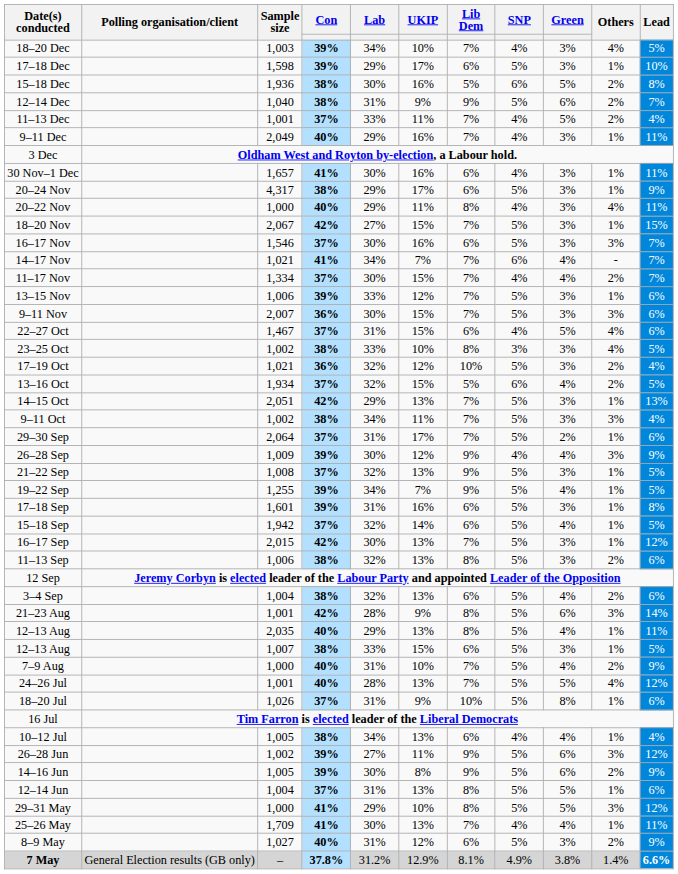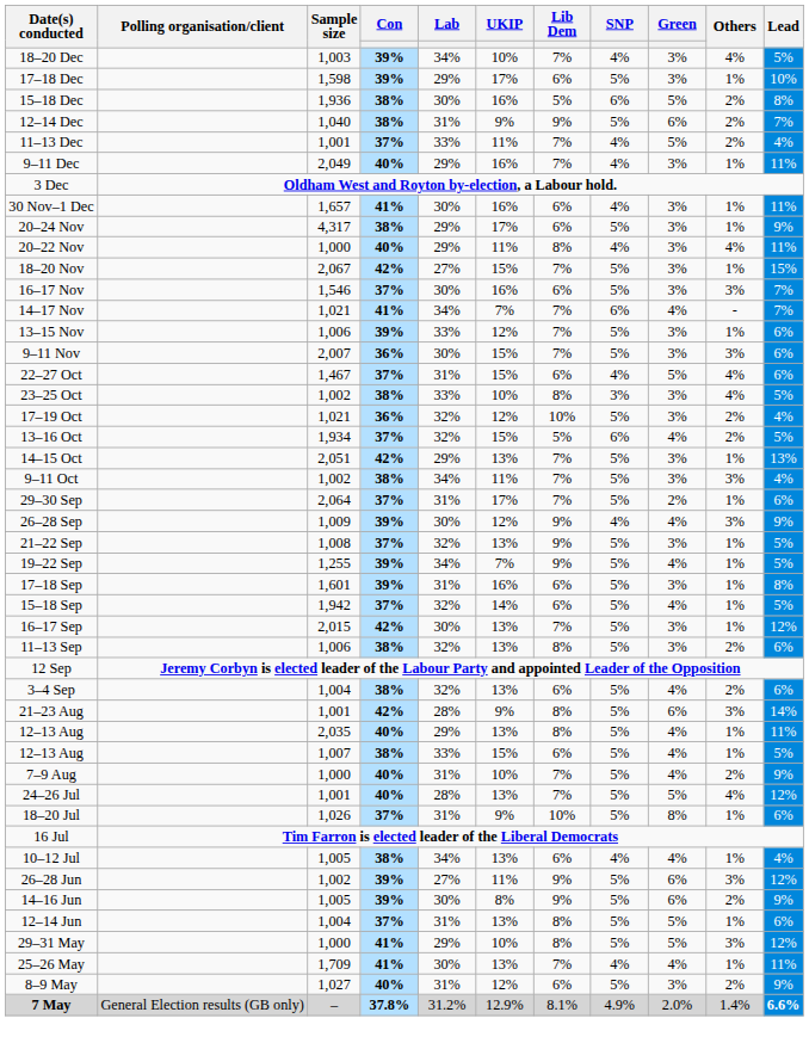 <table class="wikitable sortable mw-datatable" style="text-align:center;font-size:90%;line-height:14px;">
 <tr>
 <th rowspan="2">Date(s)<br>conducted</th>
 <th rowspan="2">Polling organisation/client</th>
 <th rowspan="2">Sample<br>size</th>
 <th style="width:50px;" class="unsortable"><a href='#'>Con</a></th>
 <th style="width:50px;" class="unsortable"><a href='#'>Lab</a></th>
 <th style="width:50px;" class="unsortable"><a href='#'>UKIP</a></th>
 <th style="width:50px;" class="unsortable"><a href='#'>Lib Dem</a></th>
 <th style="width:50px;" class="unsortable"><a href='#'>SNP</a></th>
 <th style="width:50px;" class="unsortable"><a href='#'>Green</a></th>
 <th style="width:50px;" rowspan="2" class="unsortable">Others</th>
 <th style="width:20px;" rowspan="2">Lead</th>
 </tr>
 <tr>
 <th class="sortable" style="background:"></th>
 <th class="sortable" style="background:"></th>
 <th class="sortable" style="background:"></th>
 <th class="sortable" style="background:"></th>
 <th class="sortable" style="background:"></th>
 <th class="sortable" style="background:"></th>
 </tr>
 <tr>
 <td>18–20 Dec</td>
 <td></td>
 <td>1,003</td>
 <td style="background:#B3E0FF"><strong>39%</strong></td>
 <td>34%</td>
 <td>10%</td>
 <td>7%</td>
 <td>4%</td>
 <td>3%</td>
 <td>4%</td>
 <td style="background:#0087DC; color:white;">5%</td>
 </tr>
 <tr>
 <td>17–18 Dec</td>
 <td></td>
 <td>1,598</td>
 <td style="background:#B3E0FF"><strong>39%</strong></td>
 <td>29%</td>
 <td>17%</td>
 <td>6%</td>
 <td>5%</td>
 <td>3%</td>
 <td>1%</td>
 <td style="background:#0087DC; color:white;">10%</td>
 </tr>
 <tr>
 <td>15–18 Dec</td>
 <td></td>
 <td>1,936</td>
 <td style="background:#B3E0FF"><strong>38%</strong></td>
 <td>30%</td>
 <td>16%</td>
 <td>5%</td>
 <td>6%</td>
 <td>5%</td>
 <td>2%</td>
 <td style="background:#0087DC; color:white;">8%</td>
 </tr>
 <tr>
 <td>12–14 Dec</td>
 <td></td>
 <td>1,040</td>
 <td style="background:#B3E0FF"><strong>38%</strong></td>
 <td>31%</td>
 <td>9%</td>
 <td>9%</td>
 <td>5%</td>
 <td>6%</td>
 <td>2%</td>
 <td style="background:#0087DC; color:white;">7%</td>
 </tr>
 <tr>
 <td>11–13 Dec</td>
 <td></td>
 <td>1,001</td>
 <td style="background:#B3E0FF"><strong>37%</strong></td>
 <td>33%</td>
 <td>11%</td>
 <td>7%</td>
 <td>4%</td>
 <td>5%</td>
 <td>2%</td>
 <td style="background:#0087DC; color:white;">4%</td>
 </tr>
 <tr>
 <td>9–11 Dec</td>
 <td></td>
 <td>2,049</td>
 <td style="background:#B3E0FF"><strong>40%</strong></td>
 <td>29%</td>
 <td>16%</td>
 <td>7%</td>
 <td>4%</td>
 <td>3%</td>
 <td>1%</td>
 <td style="background:#0087DC; color:white;">11%</td>
 </tr>
 <tr>
 <td>3 Dec</td>
 <td colspan="10"><strong><a href='#'>Oldham West and Royton by-election</a>, a Labour hold.</strong></td>
 </tr>
 <tr>
 <td>30 Nov–1 Dec</td>
 <td></td>
 <td>1,657</td>
 <td style="background:#B3E0FF"><strong>41%</strong></td>
 <td>30%</td>
 <td>16%</td>
 <td>6%</td>
 <td>4%</td>
 <td>3%</td>
 <td>1%</td>
 <td style="background:#0087DC; color:white;">11%</td>
 </tr>
 <tr>
 <td>20–24 Nov</td>
 <td></td>
 <td>4,317</td>
 <td style="background:#B3E0FF"><strong>38%</strong></td>
 <td>29%</td>
 <td>17%</td>
 <td>6%</td>
 <td>5%</td>
 <td>3%</td>
 <td>1%</td>
 <td style="background:#0087DC; color:white;">9%</td>
 </tr>
 <tr>
 <td>20–22 Nov</td>
 <td></td>
 <td>1,000</td>
 <td style="background:#B3E0FF"><strong>40%</strong></td>
 <td>29%</td>
 <td>11%</td>
 <td>8%</td>
 <td>4%</td>
 <td>3%</td>
 <td>4%</td>
 <td style="background:#0087DC; color:white;">11%</td>
 </tr>
 <tr>
 <td>18–20 Nov</td>
 <td></td>
 <td>2,067</td>
 <td style="background:#B3E0FF"><strong>42%</strong></td>
 <td>27%</td>
 <td>15%</td>
 <td>7%</td>
 <td>5%</td>
 <td>3%</td>
 <td>1%</td>
 <td style="background:#0087DC; color:white;">15%</td>
 </tr>
 <tr>
 <td>16–17 Nov</td>
 <td></td>
 <td>1,546</td>
 <td style="background:#B3E0FF"><strong>37%</strong></td>
 <td>30%</td>
 <td>16%</td>
 <td>6%</td>
 <td>5%</td>
 <td>3%</td>
 <td>3%</td>
 <td style="background:#0087DC; color:white;">7%</td>
 </tr>
 <tr>
 <td>14–17 Nov</td>
 <td></td>
 <td>1,021</td>
 <td style="background:#B3E0FF"><strong>41%</strong></td>
 <td>34%</td>
 <td>7%</td>
 <td>7%</td>
 <td>6%</td>
 <td>4%</td>
 <td>-</td>
-<td style="background:#0087DC; color:white;">7%</td>
-</tr>
-<tr>
-<td>11–17 Nov</td>
-<td></td>
-<td>1,334</td>
-<td style="background:#B3E0FF"><strong>37%</strong></td>
-<td>30%</td>
-<td>15%</td>
-<td>7%</td>
-<td>4%</td>
-<td>4%</td>
-<td>2%</td>
 <td style="background:#0087DC; color:white;">7%</td>
 </tr>
 <tr>
 <td>13–15 Nov</td>
 <td></td>
 <td>1,006</td>
 <td style="background:#B3E0FF"><strong>39%</strong></td>
 <td>33%</td>
 <td>12%</td>
 <td>7%</td>
 <td>5%</td>
 <td>3%</td>
 <td>1%</td>
 <td style="background:#0087DC; color:white;">6%</td>
 </tr>
 <tr>
 <td>9–11 Nov</td>
 <td></td>
 <td>2,007</td>
 <td style="background:#B3E0FF"><strong>36%</strong></td>
 <td>30%</td>
 <td>15%</td>
 <td>7%</td>
 <td>5%</td>
 <td>3%</td>
 <td>3%</td>
 <td style="background:#0087DC; color:white;">6%</td>
 </tr>
 <tr>
 <td>22–27 Oct</td>
 <td></td>
 <td>1,467</td>
 <td style="background:#B3E0FF"><strong>37%</strong></td>
 <td>31%</td>
 <td>15%</td>
 <td>6%</td>
 <td>4%</td>
 <td>5%</td>
 <td>4%</td>
 <td style="background:#0087DC; color:white;">6%</td>
 </tr>
 <tr>
 <td>23–25 Oct</td>
 <td></td>
 <td>1,002</td>
 <td style="background:#B3E0FF"><strong>38%</strong></td>
 <td>33%</td>
 <td>10%</td>
 <td>8%</td>
 <td>3%</td>
 <td>3%</td>
 <td>4%</td>
 <td style="background:#0087DC; color:white;">5%</td>
 </tr>
 <tr>
 <td>17–19 Oct</td>
 <td></td>
 <td>1,021</td>
 <td style="background:#B3E0FF"><strong>36%</strong></td>
 <td>32%</td>
 <td>12%</td>
 <td>10%</td>
 <td>5%</td>
 <td>3%</td>
 <td>2%</td>
 <td style="background:#0087DC; color:white;">4%</td>
 </tr>
 <tr>
 <td>13–16 Oct</td>
 <td></td>
 <td>1,934</td>
 <td style="background:#B3E0FF"><strong>37%</strong></td>
 <td>32%</td>
 <td>15%</td>
 <td>5%</td>
 <td>6%</td>
 <td>4%</td>
 <td>2%</td>
 <td style="background:#0087DC; color:white;">5%</td>
 </tr>
 <tr>
 <td>14–15 Oct</td>
 <td></td>
 <td>2,051</td>
 <td style="background:#B3E0FF"><strong>42%</strong></td>
 <td>29%</td>
 <td>13%</td>
 <td>7%</td>
 <td>5%</td>
 <td>3%</td>
 <td>1%</td>
 <td style="background:#0087DC; color:white;">13%</td>
 </tr>
 <tr>
 <td>9–11 Oct</td>
 <td></td>
 <td>1,002</td>
 <td style="background:#B3E0FF"><strong>38%</strong></td>
 <td>34%</td>
 <td>11%</td>
 <td>7%</td>
 <td>5%</td>
 <td>3%</td>
 <td>3%</td>
 <td style="background:#0087DC; color:white;">4%</td>
 </tr>
 <tr>
 <td>29–30 Sep</td>
 <td></td>
 <td>2,064</td>
 <td style="background:#B3E0FF"><strong>37%</strong></td>
 <td>31%</td>
 <td>17%</td>
 <td>7%</td>
 <td>5%</td>
 <td>2%</td>
 <td>1%</td>
 <td style="background:#0087DC; color:white;">6%</td>
 </tr>
 <tr>
 <td>26–28 Sep</td>
 <td></td>
 <td>1,009</td>
 <td style="background:#B3E0FF"><strong>39%</strong></td>
 <td>30%</td>
 <td>12%</td>
 <td>9%</td>
 <td>4%</td>
 <td>4%</td>
 <td>3%</td>
 <td style="background:#0087DC; color:white;">9%</td>
 </tr>
 <tr>
 <td>21–22 Sep</td>
 <td></td>
 <td>1,008</td>
 <td style="background:#B3E0FF"><strong>37%</strong></td>
 <td>32%</td>
 <td>13%</td>
 <td>9%</td>
 <td>5%</td>
 <td>3%</td>
 <td>1%</td>
 <td style="background:#0087DC; color:white;">5%</td>
 </tr>
 <tr>
 <td>19–22 Sep</td>
 <td></td>
 <td>1,255</td>
 <td style="background:#B3E0FF"><strong>39%</strong></td>
 <td>34%</td>
 <td>7%</td>
 <td>9%</td>
 <td>5%</td>
 <td>4%</td>
 <td>1%</td>
 <td style="background:#0087DC; color:white;">5%</td>
 </tr>
 <tr>
 <td>17–18 Sep</td>
 <td></td>
 <td>1,601</td>
 <td style="background:#B3E0FF"><strong>39%</strong></td>
 <td>31%</td>
 <td>16%</td>
 <td>6%</td>
 <td>5%</td>
 <td>3%</td>
 <td>1%</td>
 <td style="background:#0087DC; color:white;">8%</td>
 </tr>
 <tr>
 <td>15–18 Sep</td>
 <td></td>
 <td>1,942</td>
 <td style="background:#B3E0FF"><strong>37%</strong></td>
 <td>32%</td>
 <td>14%</td>
 <td>6%</td>
 <td>5%</td>
 <td>4%</td>
 <td>1%</td>
 <td style="background:#0087DC; color:white;">5%</td>
 </tr>
 <tr>
 <td>16–17 Sep</td>
 <td></td>
 <td>2,015</td>
 <td style="background:#B3E0FF"><strong>42%</strong></td>
 <td>30%</td>
 <td>13%</td>
 <td>7%</td>
 <td>5%</td>
 <td>3%</td>
 <td>1%</td>
 <td style="background:#0087DC; color:white;">12%</td>
 </tr>
 <tr>
 <td>11–13 Sep</td>
 <td></td>
 <td>1,006</td>
 <td style="background:#B3E0FF"><strong>38%</strong></td>
 <td>32%</td>
 <td>13%</td>
 <td>8%</td>
 <td>5%</td>
 <td>3%</td>
 <td>2%</td>
 <td style="background:#0087DC; color:white;">6%</td>
 </tr>
 <tr>
 <td>12 Sep</td>
 <td colspan="10"><strong><a href='#'>Jeremy Corbyn</a> is <a href='#'>elected</a> leader of the <a href='#'>Labour Party</a> and appointed <a href='#'>Leader of the Opposition</a></strong></td>
 </tr>
 <tr>
 <td>3–4 Sep</td>
 <td></td>
 <td>1,004</td>
 <td style="background:#B3E0FF"><strong>38%</strong></td>
 <td>32%</td>
 <td>13%</td>
 <td>6%</td>
 <td>5%</td>
 <td>4%</td>
 <td>2%</td>
 <td style="background:#0087DC; color:white;">6%</td>
 </tr>
 <tr>
 <td>21–23 Aug</td>
 <td></td>
 <td>1,001</td>
 <td style="background:#B3E0FF"><strong>42%</strong></td>
 <td>28%</td>
 <td>9%</td>
 <td>8%</td>
 <td>5%</td>
 <td>6%</td>
 <td>3%</td>
 <td style="background:#0087DC; color:white;">14%</td>
 </tr>
 <tr>
 <td>12–13 Aug</td>
 <td></td>
 <td>2,035</td>
 <td style="background:#B3E0FF"><strong>40%</strong></td>
 <td>29%</td>
 <td>13%</td>
 <td>8%</td>
 <td>5%</td>
 <td>4%</td>
 <td>1%</td>
 <td style="background:#0087DC; color:white;">11%</td>
 </tr>
 <tr>
 <td>12–13 Aug</td>
 <td></td>
 <td>1,007</td>
 <td style="background:#B3E0FF"><strong>38%</strong></td>
 <td>33%</td>
 <td>15%</td>
 <td>6%</td>
 <td>5%</td>
-<td>3%</td>
+<td>4%</td>
 <td>1%</td>
 <td style="background:#0087DC; color:white;">5%</td>
 </tr>
 <tr>
 <td>7–9 Aug</td>
 <td></td>
 <td>1,000</td>
 <td style="background:#B3E0FF"><strong>40%</strong></td>
 <td>31%</td>
 <td>10%</td>
 <td>7%</td>
 <td>5%</td>
 <td>4%</td>
 <td>2%</td>
 <td style="background:#0087DC; color:white;">9%</td>
 </tr>
 <tr>
 <td>24–26 Jul</td>
 <td></td>
 <td>1,001</td>
 <td style="background:#B3E0FF"><strong>40%</strong></td>
 <td>28%</td>
 <td>13%</td>
 <td>7%</td>
 <td>5%</td>
 <td>5%</td>
 <td>4%</td>
 <td style="background:#0087DC; color:white;">12%</td>
 </tr>
 <tr>
 <td>18–20 Jul</td>
 <td></td>
 <td>1,026</td>
 <td style="background:#B3E0FF"><strong>37%</strong></td>
 <td>31%</td>
 <td>9%</td>
 <td>10%</td>
 <td>5%</td>
 <td>8%</td>
 <td>1%</td>
 <td style="background:#0087DC; color:white;">6%</td>
 </tr>
 <tr>
 <td>16 Jul</td>
 <td colspan="10"><strong><a href='#'>Tim Farron</a> is <a href='#'>elected</a> leader of the <a href='#'>Liberal Democrats</a></strong></td>
 </tr>
 <tr>
 <td>10–12 Jul</td>
 <td></td>
 <td>1,005</td>
 <td style="background:#B3E0FF"><strong>38%</strong></td>
 <td>34%</td>
 <td>13%</td>
 <td>6%</td>
 <td>4%</td>
 <td>4%</td>
 <td>1%</td>
 <td style="background:#0087DC; color:white;">4%</td>
 </tr>
 <tr>
 <td>26–28 Jun</td>
 <td></td>
 <td>1,002</td>
 <td style="background:#B3E0FF"><strong>39%</strong></td>
 <td>27%</td>
 <td>11%</td>
 <td>9%</td>
 <td>5%</td>
 <td>6%</td>
 <td>3%</td>
 <td style="background:#0087DC; color:white;">12%</td>
 </tr>
 <tr>
 <td>14–16 Jun</td>
 <td></td>
 <td>1,005</td>
 <td style="background:#B3E0FF"><strong>39%</strong></td>
 <td>30%</td>
 <td>8%</td>
 <td>9%</td>
 <td>5%</td>
 <td>6%</td>
 <td>2%</td>
 <td style="background:#0087DC; color:white;">9%</td>
 </tr>
 <tr>
 <td>12–14 Jun</td>
 <td></td>
 <td>1,004</td>
 <td style="background:#B3E0FF"><strong>37%</strong></td>
 <td>31%</td>
 <td>13%</td>
 <td>8%</td>
 <td>5%</td>
 <td>5%</td>
 <td>1%</td>
 <td style="background:#0087DC; color:white;">6%</td>
 </tr>
 <tr>
 <td>29–31 May</td>
 <td></td>
 <td>1,000</td>
 <td style="background:#B3E0FF"><strong>41%</strong></td>
 <td>29%</td>
 <td>10%</td>
 <td>8%</td>
 <td>5%</td>
 <td>5%</td>
 <td>3%</td>
 <td style="background:#0087DC; color:white;">12%</td>
 </tr>
 <tr>
 <td>25–26 May</td>
 <td></td>
 <td>1,709</td>
 <td style="background:#B3E0FF"><strong>41%</strong></td>
 <td>30%</td>
 <td>13%</td>
 <td>7%</td>
 <td>4%</td>
 <td>4%</td>
 <td>1%</td>
 <td style="background:#0087DC; color:white;">11%</td>
 </tr>
 <tr>
 <td>8–9 May</td>
 <td></td>
 <td>1,027</td>
 <td style="background:#B3E0FF"><strong>40%</strong></td>
 <td>31%</td>
 <td>12%</td>
 <td>6%</td>
 <td>5%</td>
 <td>3%</td>
 <td>2%</td>
 <td style="background:#0087DC; color:white;">9%</td>
 </tr>
 <tr>
 <td style="background:#D5D5D5"><strong>7 May</strong></td>
 <td style="background:#D5D5D5">General Election results (GB only)</td>
 <td style="background:#D5D5D5">–</td>
 <td style="background:#B3E0FF"><strong>37.8%</strong></td>
 <td style="background:#D5D5D5">31.2%</td>
 <td style="background:#D5D5D5">12.9%</td>
 <td style="background:#D5D5D5">8.1%</td>
 <td style="background:#D5D5D5">4.9%</td>
-<td style="background:#D5D5D5">3.8%</td>
+<td style="background:#D5D5D5">2.0%</td>
 <td style="background:#D5D5D5">1.4%</td>
 <td style="background:#0087DC; color:white;"><strong>6.6%</strong></td>
 </tr>
 </table>
